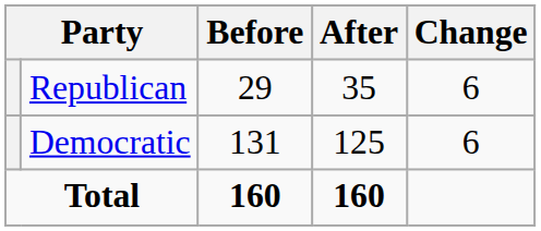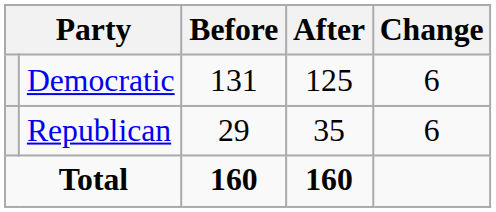 <table class="wikitable" style="text-align:center;">
 <tr>
 </tr>
 <tr>
 <th colspan=2>Party</th>
 <th>Before</th>
 <th>After</th>
 <th>Change</th>
 </tr>
 <tr>
 <th style="background-color:"></th>
-<td style="text-align:left;"><a href='#'>Republican</a></td>
-<td>29</td>
-<td>35</td>
+<td style="text-align:left;"><a href='#'>Democratic</a></td>
+<td>131</td>
+<td>125</td>
 <td> 6</td>
 </tr>
 <tr>
 <th style="background-color:"></th>
-<td style="text-align:left;"><a href='#'>Democratic</a></td>
-<td>131</td>
-<td>125</td>
+<td style="text-align:left;"><a href='#'>Republican</a></td>
+<td>29</td>
+<td>35</td>
 <td> 6</td>
 </tr>
 <tr>
 <td colspan=2><strong>Total</strong></td>
 <td><strong>160</strong></td>
 <td><strong>160</strong></td>
 <td></td>
 </tr>
 </table>
